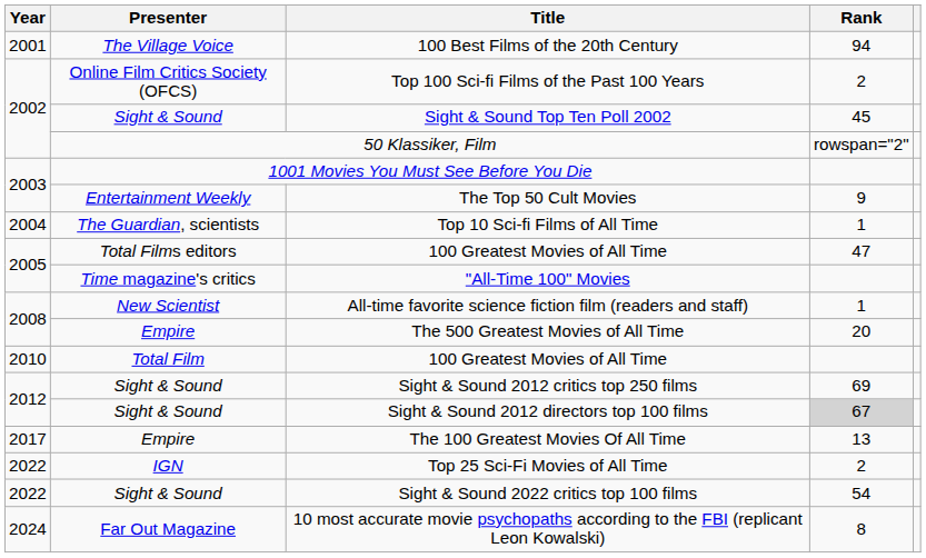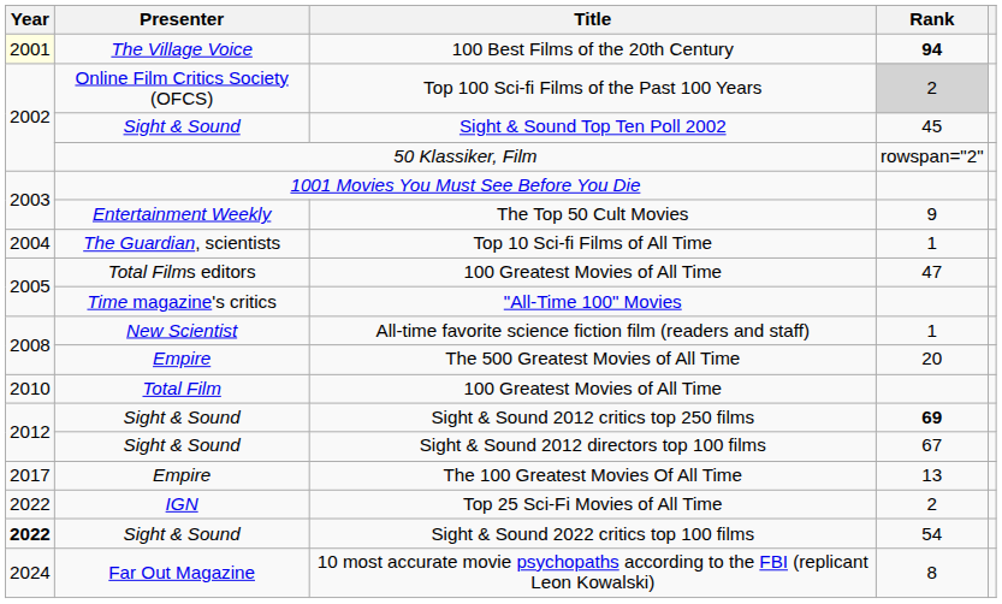 <table class="wikitable" style="text-align:center">
 <tr>
 <th>Year</th>
 <th>Presenter</th>
 <th>Title</th>
 <th>Rank</th>
 <th></th>
 </tr>
 <tr>
-<td>2001</td>
+<td style="background: lightyellow;">2001</td>
 <td><em><a href='#'>The Village Voice</a></em></td>
 <td>100 Best Films of the 20th Century</td>
-<td>94</td>
+<td><strong>94</strong></td>
 <td></td>
 </tr>
 <tr>
 <td rowspan=3>2002</td>
 <td><a href='#'>Online Film Critics Society</a> (OFCS)</td>
 <td>Top 100 Sci-fi Films of the Past 100 Years</td>
-<td>2</td>
+<td style="background: lightgrey;">2</td>
 <td></td>
 </tr>
 <tr>
 <td><em><a href='#'>Sight & Sound</a></em></td>
 <td><a href='#'>Sight & Sound Top Ten Poll 2002</a></td>
 <td>45</td>
 <td></td>
 </tr>
 <tr>
 <td colspan="2"><em>50 Klassiker, Film</em></td>
 <td>rowspan="2" </td>
 <td></td>
 </tr>
 <tr>
 <td rowspan=2>2003</td>
 <td colspan="2"><em><a href='#'>1001 Movies You Must See Before You Die</a></em></td>
 <td></td>
 </tr>
 <tr>
 <td><em><a href='#'>Entertainment Weekly</a></em></td>
 <td>The Top 50 Cult Movies</td>
 <td>9</td>
 <td></td>
 </tr>
 <tr>
 <td>2004</td>
 <td><em><a href='#'>The Guardian</a></em>, scientists</td>
 <td>Top 10 Sci-fi Films of All Time</td>
 <td>1</td>
 <td></td>
 </tr>
 <tr>
 <td rowspan=2>2005</td>
 <td><em>Total Film</em>s editors</td>
 <td>100 Greatest Movies of All Time</td>
 <td>47</td>
 <td></td>
 </tr>
 <tr>
 <td><a href='#'><em>Time</em> magazine</a>'s critics</td>
 <td><a href='#'>"All-Time 100" Movies</a></td>
 <td></td>
 <td></td>
 </tr>
 <tr>
 <td rowspan=2>2008</td>
 <td><em><a href='#'>New Scientist</a></em></td>
 <td>All-time favorite science fiction film (readers and staff)</td>
 <td>1</td>
 <td></td>
 </tr>
 <tr>
 <td><em><a href='#'>Empire</a></em></td>
 <td>The 500 Greatest Movies of All Time</td>
 <td>20</td>
 <td></td>
 </tr>
 <tr>
 <td>2010</td>
 <td><em><a href='#'>Total Film</a></em></td>
 <td>100 Greatest Movies of All Time</td>
 <td></td>
 <td></td>
 </tr>
 <tr>
 <td rowspan=2>2012</td>
 <td><em>Sight & Sound</em></td>
 <td>Sight & Sound 2012 critics top 250 films</td>
-<td>69</td>
+<td><strong>69</strong></td>
 <td></td>
 </tr>
 <tr>
 <td><em>Sight & Sound</em></td>
 <td>Sight & Sound 2012 directors top 100 films</td>
-<td style="background: lightgrey;">67</td>
+<td>67</td>
 <td></td>
 </tr>
 <tr>
 <td>2017</td>
 <td><em>Empire</em></td>
 <td>The 100 Greatest Movies Of All Time</td>
 <td>13</td>
 <td></td>
 </tr>
 <tr>
 <td>2022</td>
 <td><em><a href='#'>IGN</a></em></td>
 <td>Top 25 Sci-Fi Movies of All Time</td>
 <td>2</td>
 <td></td>
 </tr>
 <tr>
-<td>2022</td>
+<td><strong>2022</strong></td>
 <td><em>Sight & Sound</em></td>
 <td>Sight & Sound 2022 critics top 100 films</td>
 <td>54</td>
 <td></td>
 </tr>
 <tr>
 <td>2024</td>
 <td><a href='#'>Far Out Magazine</a></td>
 <td>10 most accurate movie <a href='#'>psychopaths</a> according to the <a href='#'>FBI</a> (replicant Leon Kowalski)</td>
 <td>8</td>
 <td></td>
 </tr>
 </table>
